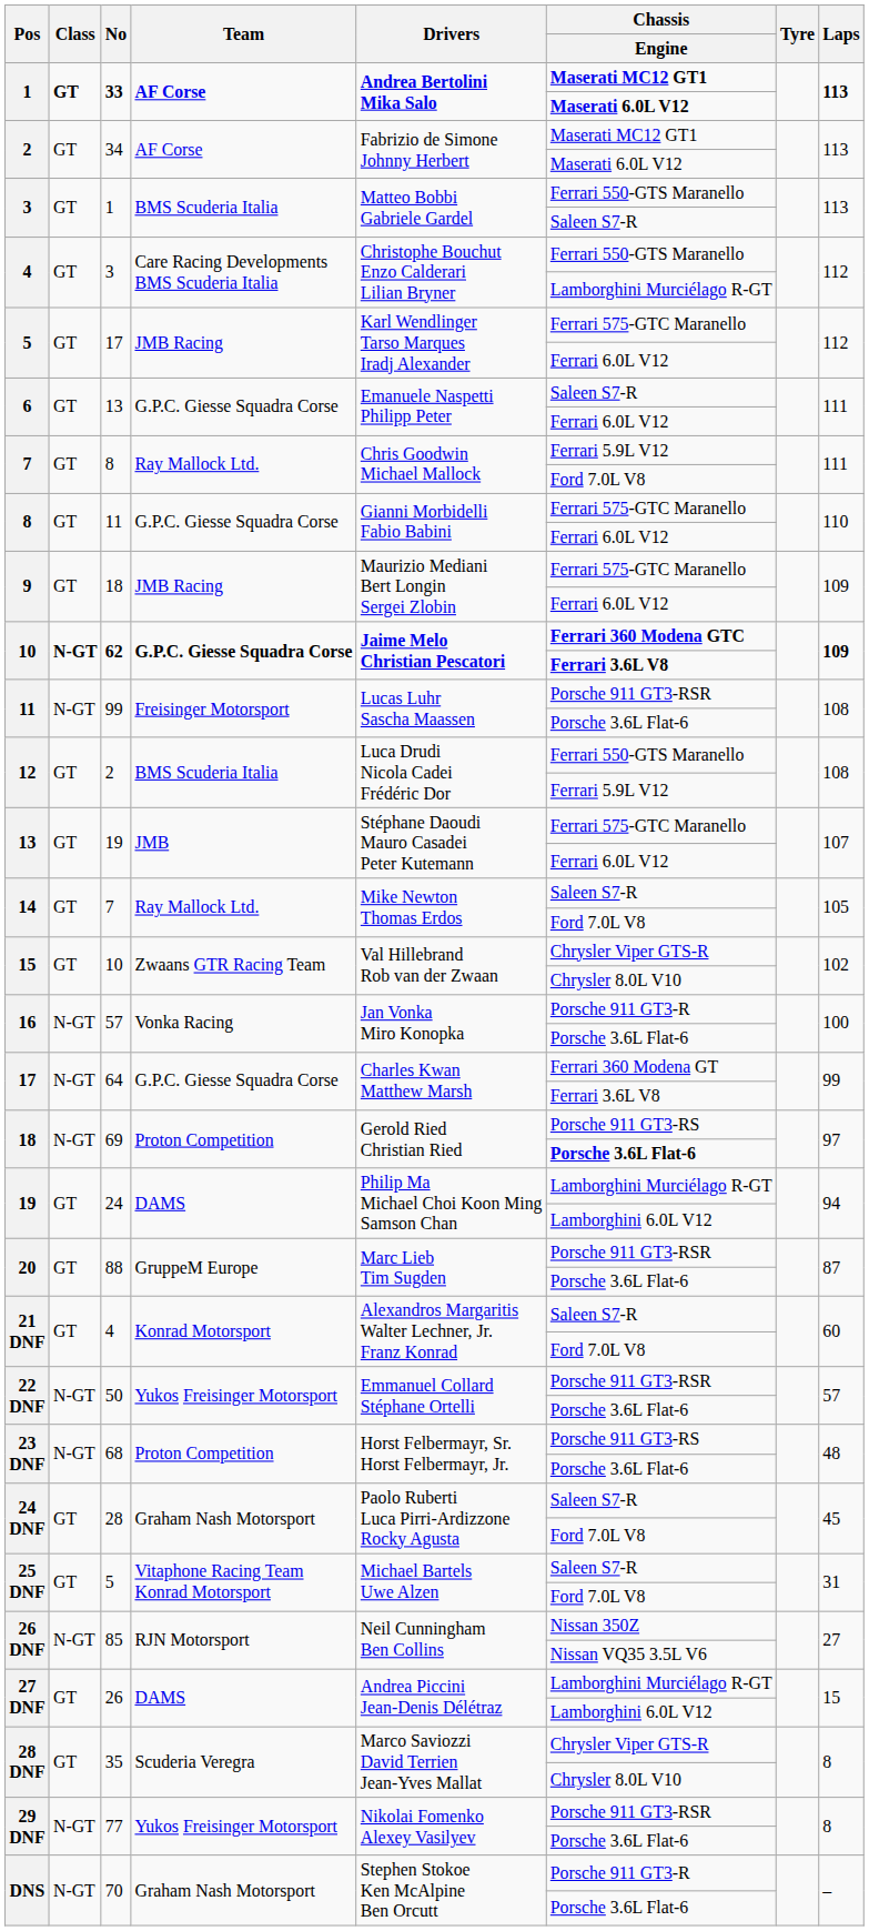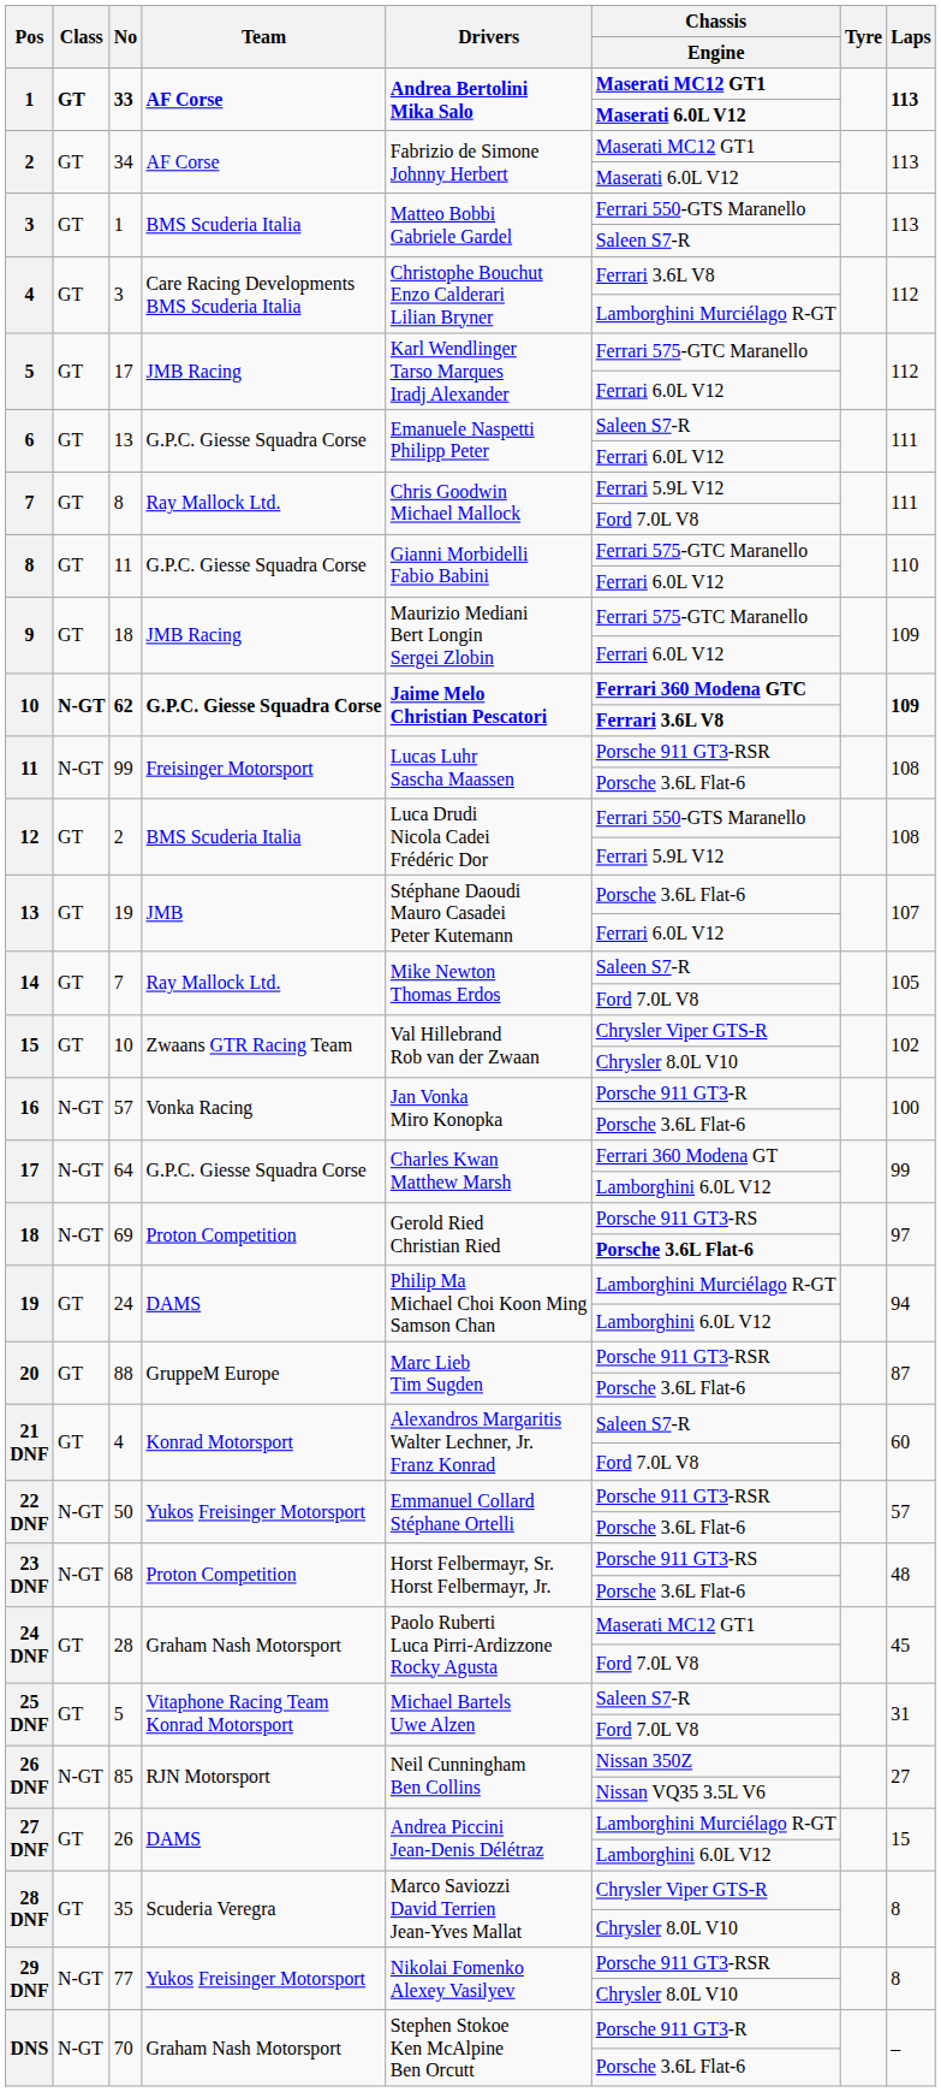 <table class="wikitable" style="font-size: 95%;">
 <tr>
 <th rowspan=2>Pos</th>
 <th rowspan=2>Class</th>
 <th rowspan=2>No</th>
 <th rowspan=2>Team</th>
 <th rowspan=2>Drivers</th>
 <th>Chassis</th>
 <th rowspan=2>Tyre</th>
 <th rowspan=2>Laps</th>
 </tr>
 <tr>
 <th>Engine</th>
 </tr>
 <tr style="font-weight:bold">
 <th rowspan=2>1</th>
 <td rowspan=2>GT</td>
 <td rowspan=2>33</td>
 <td rowspan=2> <a href='#'>AF Corse</a></td>
 <td rowspan=2> <a href='#'>Andrea Bertolini</a><br> <a href='#'>Mika Salo</a></td>
 <td><a href='#'>Maserati MC12</a> GT1</td>
 <td rowspan=2></td>
 <td rowspan=2>113</td>
 </tr>
 <tr style="font-weight:bold">
 <td><a href='#'>Maserati</a> 6.0L V12</td>
 </tr>
 <tr>
 <th rowspan=2>2</th>
 <td rowspan=2>GT</td>
 <td rowspan=2>34</td>
 <td rowspan=2> <a href='#'>AF Corse</a></td>
 <td rowspan=2> Fabrizio de Simone<br> <a href='#'>Johnny Herbert</a></td>
 <td><a href='#'>Maserati MC12</a> GT1</td>
 <td rowspan=2></td>
 <td rowspan=2>113</td>
 </tr>
 <tr>
 <td><a href='#'>Maserati</a> 6.0L V12</td>
 </tr>
 <tr>
 <th rowspan=2>3</th>
 <td rowspan=2>GT</td>
 <td rowspan=2>1</td>
 <td rowspan=2> <a href='#'>BMS Scuderia Italia</a></td>
 <td rowspan=2> <a href='#'>Matteo Bobbi</a><br> <a href='#'>Gabriele Gardel</a></td>
 <td><a href='#'>Ferrari 550</a>-GTS Maranello</td>
 <td rowspan=2></td>
 <td rowspan=2>113</td>
 </tr>
 <tr>
 <td><a href='#'>Saleen S7</a>-R</td>
 </tr>
 <tr>
 <th rowspan=2>4</th>
 <td rowspan=2>GT</td>
 <td rowspan=2>3</td>
 <td rowspan=2> Care Racing Developments<br> <a href='#'>BMS Scuderia Italia</a></td>
 <td rowspan=2> <a href='#'>Christophe Bouchut</a><br> <a href='#'>Enzo Calderari</a><br> <a href='#'>Lilian Bryner</a></td>
-<td><a href='#'>Ferrari 550</a>-GTS Maranello</td>
+<td><a href='#'>Ferrari</a> 3.6L V8</td>
 <td rowspan=2></td>
 <td rowspan=2>112</td>
 </tr>
 <tr>
 <td><a href='#'>Lamborghini Murciélago</a> R-GT</td>
 </tr>
 <tr>
 <th rowspan=2>5</th>
 <td rowspan=2>GT</td>
 <td rowspan=2>17</td>
 <td rowspan=2> <a href='#'>JMB Racing</a></td>
 <td rowspan=2> <a href='#'>Karl Wendlinger</a><br> <a href='#'>Tarso Marques</a><br> <a href='#'>Iradj Alexander</a></td>
 <td><a href='#'>Ferrari 575</a>-GTC Maranello</td>
 <td rowspan=2></td>
 <td rowspan=2>112</td>
 </tr>
 <tr>
 <td><a href='#'>Ferrari</a> 6.0L V12</td>
 </tr>
 <tr>
 <th rowspan=2>6</th>
 <td rowspan=2>GT</td>
 <td rowspan=2>13</td>
 <td rowspan=2> G.P.C. Giesse Squadra Corse</td>
 <td rowspan=2> <a href='#'>Emanuele Naspetti</a><br> <a href='#'>Philipp Peter</a></td>
 <td><a href='#'>Saleen S7</a>-R</td>
 <td rowspan=2></td>
 <td rowspan=2>111</td>
 </tr>
 <tr>
 <td><a href='#'>Ferrari</a> 6.0L V12</td>
 </tr>
 <tr>
 <th rowspan=2>7</th>
 <td rowspan=2>GT</td>
 <td rowspan=2>8</td>
 <td rowspan=2> <a href='#'>Ray Mallock Ltd.</a></td>
 <td rowspan=2> <a href='#'>Chris Goodwin</a><br> <a href='#'>Michael Mallock</a></td>
 <td><a href='#'>Ferrari</a> 5.9L V12</td>
 <td rowspan=2></td>
 <td rowspan=2>111</td>
 </tr>
 <tr>
 <td><a href='#'>Ford</a> 7.0L V8</td>
 </tr>
 <tr>
 <th rowspan=2>8</th>
 <td rowspan=2>GT</td>
 <td rowspan=2>11</td>
 <td rowspan=2> G.P.C. Giesse Squadra Corse</td>
 <td rowspan=2> <a href='#'>Gianni Morbidelli</a><br> <a href='#'>Fabio Babini</a></td>
 <td><a href='#'>Ferrari 575</a>-GTC Maranello</td>
 <td rowspan=2></td>
 <td rowspan=2>110</td>
 </tr>
 <tr>
 <td><a href='#'>Ferrari</a> 6.0L V12</td>
 </tr>
 <tr>
 <th rowspan=2>9</th>
 <td rowspan=2>GT</td>
 <td rowspan=2>18</td>
 <td rowspan=2> <a href='#'>JMB Racing</a></td>
 <td rowspan=2> Maurizio Mediani<br> Bert Longin<br> <a href='#'>Sergei Zlobin</a></td>
 <td><a href='#'>Ferrari 575</a>-GTC Maranello</td>
 <td rowspan=2></td>
 <td rowspan=2>109</td>
 </tr>
 <tr>
 <td><a href='#'>Ferrari</a> 6.0L V12</td>
 </tr>
 <tr style="font-weight:bold">
 <th rowspan=2>10</th>
 <td rowspan=2>N-GT</td>
 <td rowspan=2>62</td>
 <td rowspan=2> G.P.C. Giesse Squadra Corse</td>
 <td rowspan=2> <a href='#'>Jaime Melo</a><br> <a href='#'>Christian Pescatori</a></td>
 <td><a href='#'>Ferrari 360 Modena</a> GTC</td>
 <td rowspan=2></td>
 <td rowspan=2>109</td>
 </tr>
 <tr style="font-weight:bold">
 <td><a href='#'>Ferrari</a> 3.6L V8</td>
 </tr>
 <tr>
 <th rowspan=2>11</th>
 <td rowspan=2>N-GT</td>
 <td rowspan=2>99</td>
 <td rowspan=2> <a href='#'>Freisinger Motorsport</a></td>
 <td rowspan=2> <a href='#'>Lucas Luhr</a><br> <a href='#'>Sascha Maassen</a></td>
 <td><a href='#'>Porsche 911 GT3</a>-RSR</td>
 <td rowspan=2></td>
 <td rowspan=2>108</td>
 </tr>
 <tr>
 <td><a href='#'>Porsche</a> 3.6L Flat-6</td>
 </tr>
 <tr>
 <th rowspan=2>12</th>
 <td rowspan=2>GT</td>
 <td rowspan=2>2</td>
 <td rowspan=2> <a href='#'>BMS Scuderia Italia</a></td>
 <td rowspan=2> Luca Drudi<br> Nicola Cadei<br> Frédéric Dor</td>
 <td><a href='#'>Ferrari 550</a>-GTS Maranello</td>
 <td rowspan=2></td>
 <td rowspan=2>108</td>
 </tr>
 <tr>
 <td><a href='#'>Ferrari</a> 5.9L V12</td>
 </tr>
 <tr>
 <th rowspan=2>13</th>
 <td rowspan=2>GT</td>
 <td rowspan=2>19</td>
 <td rowspan=2> <a href='#'>JMB</a></td>
 <td rowspan=2> Stéphane Daoudi<br> Mauro Casadei<br> Peter Kutemann</td>
-<td><a href='#'>Ferrari 575</a>-GTC Maranello</td>
+<td><a href='#'>Porsche</a> 3.6L Flat-6</td>
 <td rowspan=2></td>
 <td rowspan=2>107</td>
 </tr>
 <tr>
 <td><a href='#'>Ferrari</a> 6.0L V12</td>
 </tr>
 <tr>
 <th rowspan=2>14</th>
 <td rowspan=2>GT</td>
 <td rowspan=2>7</td>
 <td rowspan=2> <a href='#'>Ray Mallock Ltd.</a></td>
 <td rowspan=2> <a href='#'>Mike Newton</a><br> <a href='#'>Thomas Erdos</a></td>
 <td><a href='#'>Saleen S7</a>-R</td>
 <td rowspan=2></td>
 <td rowspan=2>105</td>
 </tr>
 <tr>
 <td><a href='#'>Ford</a> 7.0L V8</td>
 </tr>
 <tr>
 <th rowspan=2>15</th>
 <td rowspan=2>GT</td>
 <td rowspan=2>10</td>
 <td rowspan=2> Zwaans <a href='#'>GTR Racing</a> Team</td>
 <td rowspan=2> Val Hillebrand<br> Rob van der Zwaan</td>
 <td><a href='#'>Chrysler Viper GTS-R</a></td>
 <td rowspan=2></td>
 <td rowspan=2>102</td>
 </tr>
 <tr>
 <td><a href='#'>Chrysler</a> 8.0L V10</td>
 </tr>
 <tr>
 <th rowspan=2>16</th>
 <td rowspan=2>N-GT</td>
 <td rowspan=2>57</td>
 <td rowspan=2> Vonka Racing</td>
 <td rowspan=2> <a href='#'>Jan Vonka</a><br> Miro Konopka</td>
 <td><a href='#'>Porsche 911 GT3</a>-R</td>
 <td rowspan=2></td>
 <td rowspan=2>100</td>
 </tr>
 <tr>
 <td><a href='#'>Porsche</a> 3.6L Flat-6</td>
 </tr>
 <tr>
 <th rowspan=2>17</th>
 <td rowspan=2>N-GT</td>
 <td rowspan=2>64</td>
 <td rowspan=2> G.P.C. Giesse Squadra Corse</td>
 <td rowspan=2> <a href='#'>Charles Kwan</a><br> <a href='#'>Matthew Marsh</a></td>
 <td><a href='#'>Ferrari 360 Modena</a> GT</td>
 <td rowspan=2></td>
 <td rowspan=2>99</td>
 </tr>
 <tr>
-<td><a href='#'>Ferrari</a> 3.6L V8</td>
+<td><a href='#'>Lamborghini</a> 6.0L V12</td>
 </tr>
 <tr>
 <th rowspan=2>18</th>
 <td rowspan=2>N-GT</td>
 <td rowspan=2>69</td>
 <td rowspan=2> <a href='#'>Proton Competition</a></td>
 <td rowspan=2> Gerold Ried<br> Christian Ried</td>
 <td><a href='#'>Porsche 911 GT3</a>-RS</td>
 <td rowspan=2></td>
 <td rowspan=2>97</td>
 </tr>
 <tr>
 <td><strong><a href='#'>Porsche</a> 3.6L Flat-6</strong></td>
 </tr>
 <tr>
 <th rowspan=2>19</th>
 <td rowspan=2>GT</td>
 <td rowspan=2>24</td>
 <td rowspan=2> <a href='#'>DAMS</a></td>
 <td rowspan=2> <a href='#'>Philip Ma</a><br> Michael Choi Koon Ming<br> Samson Chan</td>
 <td><a href='#'>Lamborghini Murciélago</a> R-GT</td>
 <td rowspan=2></td>
 <td rowspan=2>94</td>
 </tr>
 <tr>
 <td><a href='#'>Lamborghini</a> 6.0L V12</td>
 </tr>
 <tr>
 <th rowspan=2>20</th>
 <td rowspan=2>GT</td>
 <td rowspan=2>88</td>
 <td rowspan=2> GruppeM Europe</td>
 <td rowspan=2> <a href='#'>Marc Lieb</a><br> <a href='#'>Tim Sugden</a></td>
 <td><a href='#'>Porsche 911 GT3</a>-RSR</td>
 <td rowspan=2></td>
 <td rowspan=2>87</td>
 </tr>
 <tr>
 <td><a href='#'>Porsche</a> 3.6L Flat-6</td>
 </tr>
 <tr>
 <th rowspan=2>21<br>DNF</th>
 <td rowspan=2>GT</td>
 <td rowspan=2>4</td>
 <td rowspan=2> <a href='#'>Konrad Motorsport</a></td>
 <td rowspan=2> <a href='#'>Alexandros Margaritis</a><br> Walter Lechner, Jr.<br> <a href='#'>Franz Konrad</a></td>
 <td><a href='#'>Saleen S7</a>-R</td>
 <td rowspan=2></td>
 <td rowspan=2>60</td>
 </tr>
 <tr>
 <td><a href='#'>Ford</a> 7.0L V8</td>
 </tr>
 <tr>
 <th rowspan=2>22<br>DNF</th>
 <td rowspan=2>N-GT</td>
 <td rowspan=2>50</td>
 <td rowspan=2> <a href='#'>Yukos</a> <a href='#'>Freisinger Motorsport</a></td>
 <td rowspan=2> <a href='#'>Emmanuel Collard</a><br> <a href='#'>Stéphane Ortelli</a></td>
 <td><a href='#'>Porsche 911 GT3</a>-RSR</td>
 <td rowspan=2></td>
 <td rowspan=2>57</td>
 </tr>
 <tr>
 <td><a href='#'>Porsche</a> 3.6L Flat-6</td>
 </tr>
 <tr>
 <th rowspan=2>23<br>DNF</th>
 <td rowspan=2>N-GT</td>
 <td rowspan=2>68</td>
 <td rowspan=2> <a href='#'>Proton Competition</a></td>
 <td rowspan=2> Horst Felbermayr, Sr.<br> Horst Felbermayr, Jr.</td>
 <td><a href='#'>Porsche 911 GT3</a>-RS</td>
 <td rowspan=2></td>
 <td rowspan=2>48</td>
 </tr>
 <tr>
 <td><a href='#'>Porsche</a> 3.6L Flat-6</td>
 </tr>
 <tr>
 <th rowspan=2>24<br>DNF</th>
 <td rowspan=2>GT</td>
 <td rowspan=2>28</td>
 <td rowspan=2> Graham Nash Motorsport</td>
 <td rowspan=2> Paolo Ruberti<br> Luca Pirri-Ardizzone<br> <a href='#'>Rocky Agusta</a></td>
-<td><a href='#'>Saleen S7</a>-R</td>
+<td><a href='#'>Maserati MC12</a> GT1</td>
 <td rowspan=2></td>
 <td rowspan=2>45</td>
 </tr>
 <tr>
 <td><a href='#'>Ford</a> 7.0L V8</td>
 </tr>
 <tr>
 <th rowspan=2>25<br>DNF</th>
 <td rowspan=2>GT</td>
 <td rowspan=2>5</td>
 <td rowspan=2> <a href='#'>Vitaphone Racing Team</a><br> <a href='#'>Konrad Motorsport</a></td>
 <td rowspan=2> <a href='#'>Michael Bartels</a><br> <a href='#'>Uwe Alzen</a></td>
 <td><a href='#'>Saleen S7</a>-R</td>
 <td rowspan=2></td>
 <td rowspan=2>31</td>
 </tr>
 <tr>
 <td><a href='#'>Ford</a> 7.0L V8</td>
 </tr>
 <tr>
 <th rowspan=2>26<br>DNF</th>
 <td rowspan=2>N-GT</td>
 <td rowspan=2>85</td>
 <td rowspan=2> RJN Motorsport</td>
 <td rowspan=2> Neil Cunningham<br> <a href='#'>Ben Collins</a></td>
 <td><a href='#'>Nissan 350Z</a></td>
 <td rowspan=2></td>
 <td rowspan=2>27</td>
 </tr>
 <tr>
 <td><a href='#'>Nissan</a> VQ35 3.5L V6</td>
 </tr>
 <tr>
 <th rowspan=2>27<br>DNF</th>
 <td rowspan=2>GT</td>
 <td rowspan=2>26</td>
 <td rowspan=2> <a href='#'>DAMS</a></td>
 <td rowspan=2> <a href='#'>Andrea Piccini</a><br> <a href='#'>Jean-Denis Délétraz</a></td>
 <td><a href='#'>Lamborghini Murciélago</a> R-GT</td>
 <td rowspan=2></td>
 <td rowspan=2>15</td>
 </tr>
 <tr>
 <td><a href='#'>Lamborghini</a> 6.0L V12</td>
 </tr>
 <tr>
 <th rowspan=2>28<br>DNF</th>
 <td rowspan=2>GT</td>
 <td rowspan=2>35</td>
 <td rowspan=2> Scuderia Veregra</td>
 <td rowspan=2> Marco Saviozzi<br> <a href='#'>David Terrien</a><br> Jean-Yves Mallat</td>
 <td><a href='#'>Chrysler Viper GTS-R</a></td>
 <td rowspan=2></td>
 <td rowspan=2>8</td>
 </tr>
 <tr>
 <td><a href='#'>Chrysler</a> 8.0L V10</td>
 </tr>
 <tr>
 <th rowspan=2>29<br>DNF</th>
 <td rowspan=2>N-GT</td>
 <td rowspan=2>77</td>
 <td rowspan=2> <a href='#'>Yukos</a> <a href='#'>Freisinger Motorsport</a></td>
 <td rowspan=2> <a href='#'>Nikolai Fomenko</a><br> <a href='#'>Alexey Vasilyev</a></td>
 <td><a href='#'>Porsche 911 GT3</a>-RSR</td>
 <td rowspan=2></td>
 <td rowspan=2>8</td>
 </tr>
 <tr>
-<td><a href='#'>Porsche</a> 3.6L Flat-6</td>
+<td><a href='#'>Chrysler</a> 8.0L V10</td>
 </tr>
 <tr>
 <th rowspan=2>DNS</th>
 <td rowspan=2>N-GT</td>
 <td rowspan=2>70</td>
 <td rowspan=2> Graham Nash Motorsport</td>
 <td rowspan=2> Stephen Stokoe<br> Ken McAlpine<br> Ben Orcutt</td>
 <td><a href='#'>Porsche 911 GT3</a>-R</td>
 <td rowspan=2></td>
 <td rowspan=2>–</td>
 </tr>
 <tr>
 <td><a href='#'>Porsche</a> 3.6L Flat-6</td>
 </tr>
 </table>
